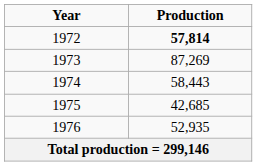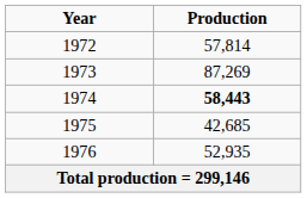 <table class="wikitable">
 <tr style="text-align:center;">
 <td style="width:100pt; "><strong>Year</strong></td>
 <td style="width:100pt; text-align:center;"><strong>Production</strong></td>
 </tr>
 <tr style="text-align:center;">
 <td>1972</td>
-<td style="text-align:center;"><strong>57,814</strong></td>
+<td style="text-align:center;">57,814</td>
 </tr>
 <tr style="text-align:center;">
 <td>1973</td>
 <td style="text-align:center;">87,269</td>
 </tr>
 <tr style="text-align:center;">
 <td>1974</td>
-<td style="text-align:center;">58,443</td>
+<td style="text-align:center;"><strong>58,443</strong></td>
 </tr>
 <tr style="text-align:center;">
 <td>1975</td>
 <td style="text-align:center;">42,685</td>
 </tr>
 <tr style="text-align:center;">
 <td>1976</td>
 <td style="text-align:center;">52,935</td>
 </tr>
 <tr style="text-align:center;">
 <th colspan="2" style="text-align:center;">Total production = 299,146</th>
 </tr>
 </table>
